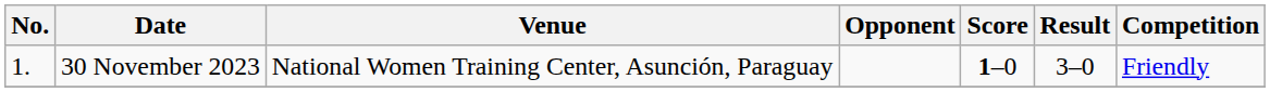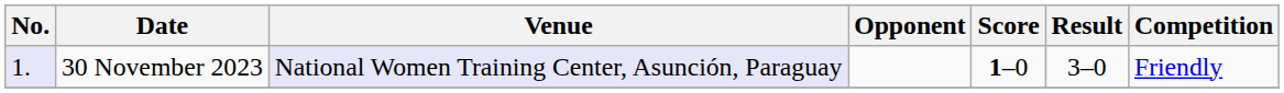 <table class="wikitable">
 <tr>
 <th>No.</th>
 <th>Date</th>
 <th>Venue</th>
 <th>Opponent</th>
 <th>Score</th>
 <th>Result</th>
 <th>Competition</th>
 </tr>
 <tr>
-<td>1.</td>
+<td style="background: lavender;">1.</td>
 <td>30 November 2023</td>
-<td>National Women Training Center, Asunción, Paraguay</td>
+<td style="background: lavender;">National Women Training Center, Asunción, Paraguay</td>
 <td></td>
 <td align=center><strong>1</strong>–0</td>
 <td align=center>3–0</td>
 <td><a href='#'>Friendly</a></td>
 </tr>
 <tr>
 </tr>
 </table>
